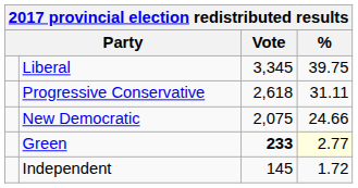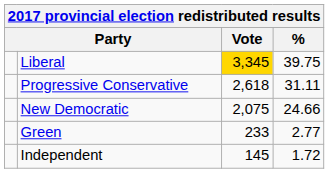 <table class="wikitable">
 <tr>
 <th colspan="4"><a href='#'>2017 provincial election</a> redistributed results</th>
 </tr>
 <tr>
 <th colspan="2">Party</th>
 <th>Vote</th>
 <th>%</th>
 </tr>
 <tr>
 <td> </td>
 <td><a href='#'>Liberal</a></td>
-<td align=right>3,345</td>
+<td align=right style="background: gold;">3,345</td>
 <td align=right>39.75</td>
 </tr>
 <tr>
 <td> </td>
 <td><a href='#'>Progressive Conservative</a></td>
 <td align=right>2,618</td>
 <td align=right>31.11</td>
 </tr>
 <tr>
 <td> </td>
 <td><a href='#'>New Democratic</a></td>
 <td align=right>2,075</td>
 <td align=right>24.66</td>
 </tr>
 <tr>
 <td> </td>
 <td><a href='#'>Green</a></td>
-<td align=right><strong>233</strong></td>
-<td align=right style="background: lightyellow;">2.77</td>
+<td align=right>233</td>
+<td align=right>2.77</td>
 </tr>
 <tr>
 <td> </td>
 <td>Independent</td>
 <td align=right>145</td>
 <td align=right>1.72</td>
 </tr>
 </table>
